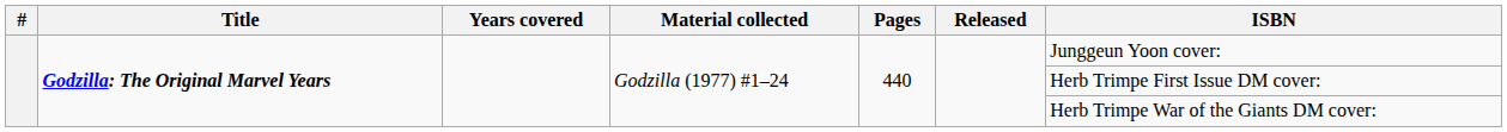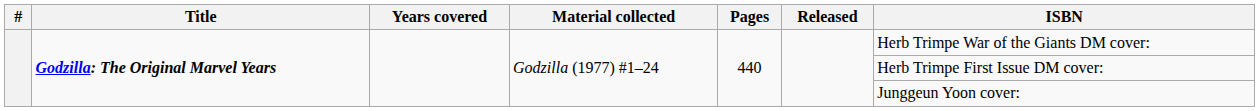 <table class="wikitable sortable" width="99%">
 <tr>
 <th class="unsortable" width="20px">#</th>
 <th>Title</th>
 <th>Years covered</th>
 <th class="unsortable">Material collected</th>
 <th>Pages</th>
 <th>Released</th>
 <th class="unsortable">ISBN</th>
 </tr>
 <tr>
 <th rowspan="3" style="background-color: light grey;"></th>
 <td rowspan="3"><strong><em><a href='#'>Godzilla</a>: The Original Marvel Years</em></strong></td>
 <td rowspan="3"></td>
 <td rowspan="3"><em>Godzilla</em> (1977) #1–24</td>
 <td rowspan="3" style="text-align: center;">440</td>
 <td rowspan="3"></td>
-<td>Junggeun Yoon cover: </td>
+<td>Herb Trimpe War of the Giants DM cover: </td>
 </tr>
 <tr>
 <td>Herb Trimpe First Issue DM cover: </td>
 </tr>
 <tr>
-<td>Herb Trimpe War of the Giants DM cover: </td>
+<td>Junggeun Yoon cover: </td>
 </tr>
 </table>
